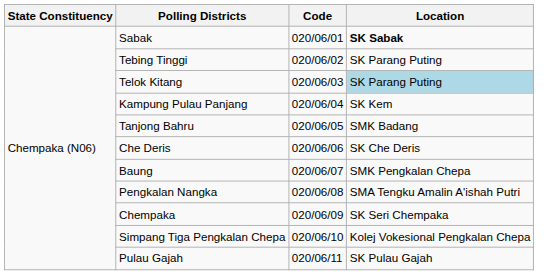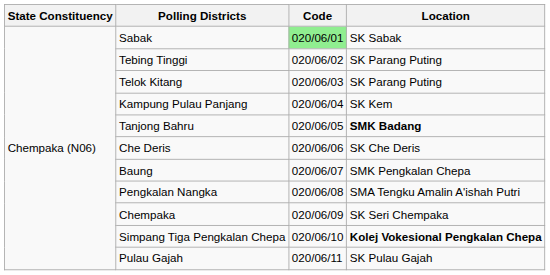 <table class="wikitable sortable mw-collapsible">
 <tr>
 <th><small>State Constituency</small></th>
 <th><small>Polling Districts</small></th>
 <th><small>Code</small></th>
 <th><small>Location</small></th>
 </tr>
 <tr>
 <td rowspan="11"><small>Chempaka (N06)</small></td>
 <td><small>Sabak</small></td>
-<td><small>020/06/01</small></td>
-<td><strong><small>SK Sabak</small></strong></td>
+<td style="background: lightgreen;"><small>020/06/01</small></td>
+<td><small>SK Sabak</small></td>
 </tr>
 <tr>
 <td><small>Tebing Tinggi</small></td>
 <td><small>020/06/02</small></td>
 <td><small>SK Parang Puting</small></td>
 </tr>
 <tr>
 <td><small>Telok Kitang</small></td>
 <td><small>020/06/03</small></td>
-<td style="background: lightblue;"><small>SK Parang Puting</small></td>
+<td><small>SK Parang Puting</small></td>
 </tr>
 <tr>
 <td><small>Kampung Pulau Panjang</small></td>
 <td><small>020/06/04</small></td>
 <td><small>SK Kem</small></td>
 </tr>
 <tr>
 <td><small>Tanjong Bahru</small></td>
 <td><small>020/06/05</small></td>
-<td><small>SMK Badang</small></td>
+<td><strong><small>SMK Badang</small></strong></td>
 </tr>
 <tr>
 <td><small>Che Deris</small></td>
 <td><small>020/06/06</small></td>
 <td><small>SK Che Deris</small></td>
 </tr>
 <tr>
 <td><small>Baung</small></td>
 <td><small>020/06/07</small></td>
 <td><small>SMK Pengkalan Chepa</small></td>
 </tr>
 <tr>
 <td><small>Pengkalan Nangka</small></td>
 <td><small>020/06/08</small></td>
 <td><small>SMA Tengku Amalin A'ishah Putri</small></td>
 </tr>
 <tr>
 <td><small>Chempaka</small></td>
 <td><small>020/06/09</small></td>
 <td><small>SK Seri Chempaka</small></td>
 </tr>
 <tr>
 <td><small>Simpang Tiga Pengkalan Chepa</small></td>
 <td><small>020/06/10</small></td>
-<td><small>Kolej Vokesional Pengkalan Chepa</small></td>
+<td><strong><small>Kolej Vokesional Pengkalan Chepa</small></strong></td>
 </tr>
 <tr>
 <td><small>Pulau Gajah</small></td>
 <td><small>020/06/11</small></td>
 <td><small>SK Pulau Gajah</small></td>
 </tr>
 </table>
